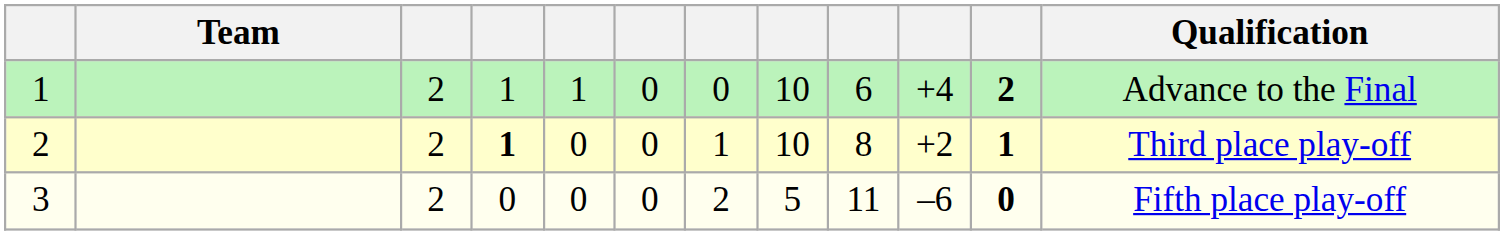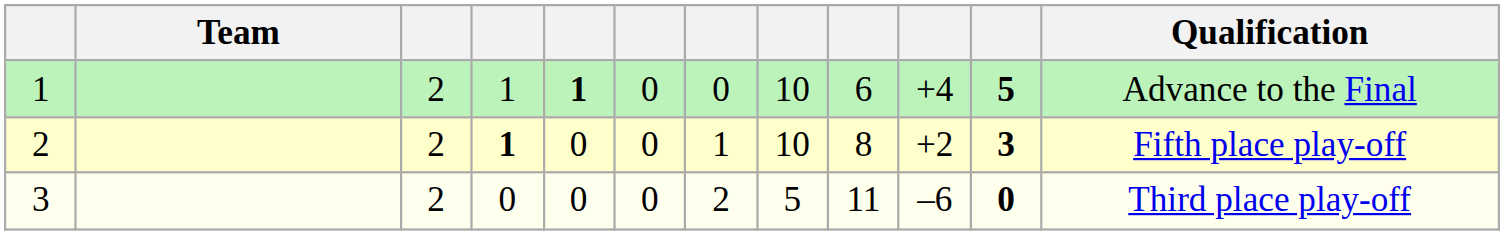 <table class="wikitable" style="text-align: center;">
 <tr>
 <th width="25"></th>
 <th width="140">Team</th>
 <th width="25"></th>
 <th width="25"></th>
 <th width="25"></th>
 <th width="25"></th>
 <th width="25"></th>
 <th width="25"></th>
 <th width="25"></th>
 <th width="25"></th>
 <th width="25"></th>
 <th width="200">Qualification</th>
 </tr>
 <tr style="background-color: #bbf3bb;">
 <td>1</td>
 <td align=left></td>
 <td>2</td>
 <td>1</td>
-<td>1</td>
+<td><strong>1</strong></td>
 <td>0</td>
 <td>0</td>
 <td>10</td>
 <td>6</td>
 <td>+4</td>
-<td><strong>2</strong></td>
+<td><strong>5</strong></td>
 <td>Advance to the <a href='#'>Final</a></td>
 </tr>
 <tr style="background-color: #ffffcc;">
 <td>2</td>
 <td align=left></td>
 <td>2</td>
 <td><strong>1</strong></td>
 <td>0</td>
 <td>0</td>
 <td>1</td>
 <td>10</td>
 <td>8</td>
 <td>+2</td>
-<td><strong>1</strong></td>
-<td><a href='#'>Third place play-off</a></td>
+<td><strong>3</strong></td>
+<td><a href='#'>Fifth place play-off</a></td>
 </tr>
 <tr style="background-color: #FFFFEE;">
 <td>3</td>
 <td align=left></td>
 <td>2</td>
 <td>0</td>
 <td>0</td>
 <td>0</td>
 <td>2</td>
 <td>5</td>
 <td>11</td>
 <td>–6</td>
 <td><strong>0</strong></td>
-<td><a href='#'>Fifth place play-off</a></td>
+<td><a href='#'>Third place play-off</a></td>
 </tr>
 </table>
